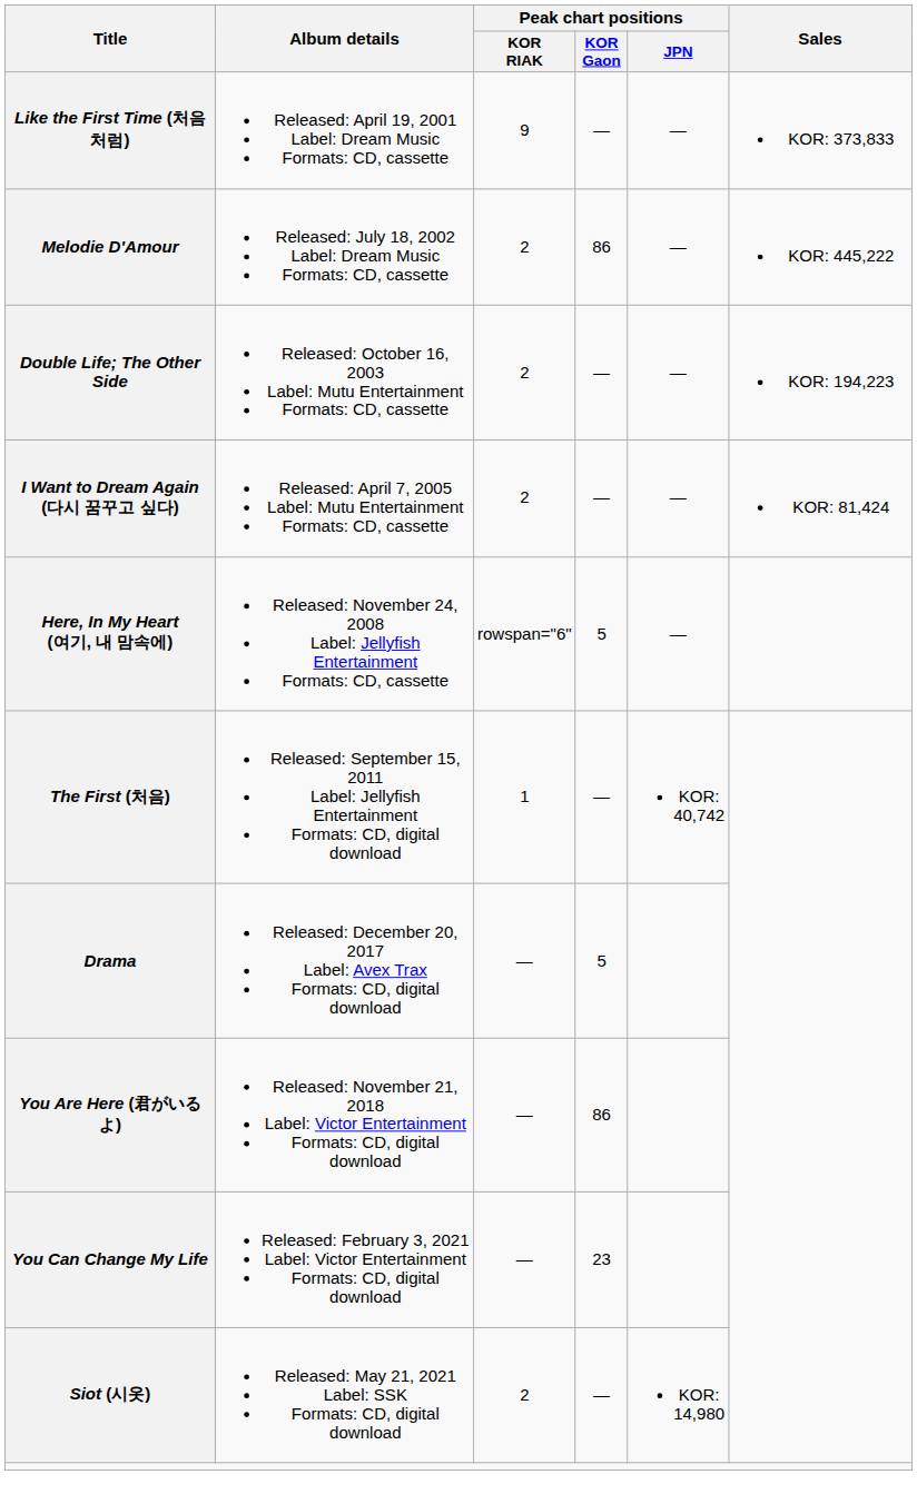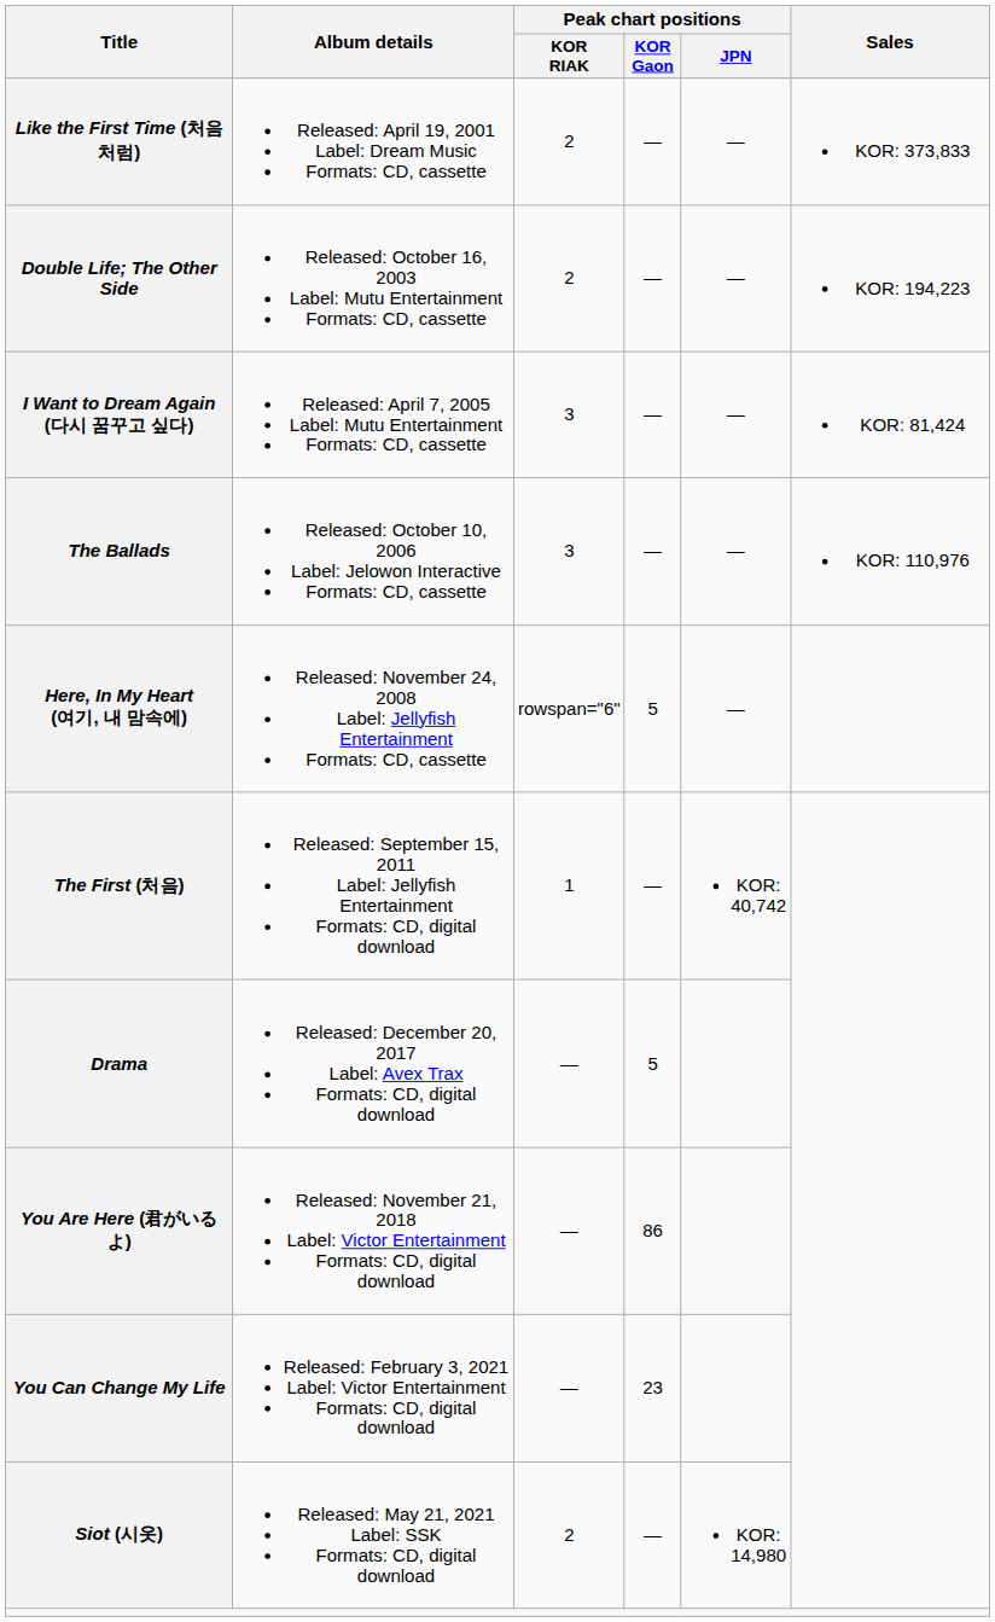 <table class="wikitable plainrowheaders" style="text-align:center;">
 <tr>
 <th rowspan="2" scope="col">Title</th>
 <th rowspan="2" scope="col">Album details</th>
 <th colspan="3" scope="col">Peak chart positions</th>
 <th rowspan="2" scope="col" style="width:10.5em;">Sales</th>
 </tr>
 <tr>
 <th scope="col" style="width:3em;font-size:90%;">KOR<br>RIAK<br></th>
 <th scope="col" style="width:3em;font-size:90%;"><a href='#'>KOR<br>Gaon</a><br></th>
 <th scope="col" style="width:3em;font-size:90%;"><a href='#'>JPN</a><br></th>
 </tr>
 <tr>
 <th scope="row"><em>Like the First Time</em> (처음처럼)</th>
 <td><br><ul><li>Released: April 19, 2001 </li><li>Label: Dream Music</li><li>Formats: CD, cassette</li></ul></td>
-<td>9</td>
+<td>2</td>
 <td>—</td>
 <td>—</td>
 <td><br><ul><li>KOR: 373,833</li></ul></td>
-</tr>
-<tr>
-<th scope="row"><em>Melodie D'Amour</em></th>
-<td><br><ul><li>Released: July 18, 2002 </li><li>Label: Dream Music</li><li>Formats: CD, cassette</li></ul></td>
-<td>2</td>
-<td>86</td>
-<td>—</td>
-<td><br><ul><li>KOR: 445,222</li></ul></td>
 </tr>
 <tr>
 <th scope="row"><em>Double Life; The Other Side</em></th>
 <td><br><ul><li>Released: October 16, 2003 </li><li>Label: Mutu Entertainment</li><li>Formats: CD, cassette</li></ul></td>
 <td>2</td>
 <td>—</td>
 <td>—</td>
 <td><br><ul><li>KOR: 194,223</li></ul></td>
 </tr>
 <tr>
 <th scope="row"><em>I Want to Dream Again</em><br>(다시 꿈꾸고 싶다)</th>
 <td><br><ul><li>Released: April 7, 2005 </li><li>Label: Mutu Entertainment</li><li>Formats: CD, cassette</li></ul></td>
-<td>2</td>
+<td>3</td>
 <td>—</td>
 <td>—</td>
 <td><br><ul><li>KOR: 81,424</li></ul></td>
+</tr>
+<tr>
+<th scope="row"><em>The Ballads</em></th>
+<td><br><ul><li>Released: October 10, 2006 </li><li>Label: Jelowon Interactive</li><li>Formats: CD, cassette</li></ul></td>
+<td>3</td>
+<td>—</td>
+<td>—</td>
+<td><br><ul><li>KOR: 110,976</li></ul></td>
 </tr>
 <tr>
 <th scope="row"><em>Here, In My Heart</em><br>(여기, 내 맘속에)</th>
 <td><br><ul><li>Released: November 24, 2008 </li><li>Label: <a href='#'>Jellyfish Entertainment</a></li><li>Formats: CD, cassette</li></ul></td>
 <td>rowspan="6" </td>
 <td>5</td>
 <td>—</td>
 <td></td>
 </tr>
 <tr>
 <th scope="row"><em>The First</em> (처음)</th>
 <td><br><ul><li>Released: September 15, 2011 </li><li>Label: Jellyfish Entertainment</li><li>Formats: CD, digital download</li></ul></td>
 <td>1</td>
 <td>—</td>
 <td><br><ul><li>KOR: 40,742</li></ul></td>
 </tr>
 <tr>
 <th scope="row"><em>Drama</em></th>
 <td><br><ul><li>Released: December 20, 2017 </li><li>Label: <a href='#'>Avex Trax</a></li><li>Formats: CD, digital download</li></ul></td>
 <td>—</td>
 <td>5</td>
 <td></td>
 </tr>
 <tr>
 <th scope="row"><em>You Are Here</em> (君がいるよ)</th>
 <td><br><ul><li>Released: November 21, 2018 </li><li>Label: <a href='#'>Victor Entertainment</a></li><li>Formats: CD, digital download</li></ul></td>
 <td>—</td>
 <td>86</td>
 <td></td>
 </tr>
 <tr>
 <th scope="row"><em>You Can Change My Life </em></th>
 <td><br><ul><li>Released: February 3, 2021 </li><li>Label: Victor Entertainment</li><li>Formats: CD, digital download</li></ul></td>
 <td>—</td>
 <td>23</td>
 <td></td>
 </tr>
 <tr>
 <th scope="row"><em>Siot</em> (시옷)</th>
 <td><br><ul><li>Released: May 21, 2021 </li><li>Label: SSK</li><li>Formats: CD, digital download</li></ul></td>
 <td>2</td>
 <td>—</td>
 <td><br><ul><li>KOR: 14,980</li></ul></td>
 </tr>
 <tr>
 <td colspan="6"></td>
 </tr>
 </table>
